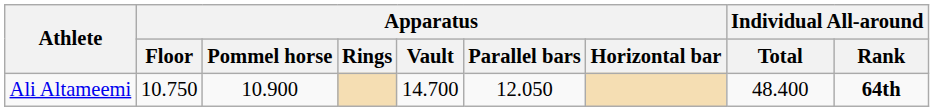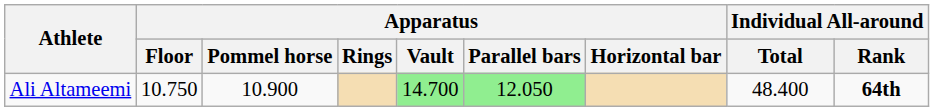 <table class=wikitable style="text-align:center; font-size:90%">
 <tr>
 <th rowspan=2>Athlete</th>
 <th colspan=6>Apparatus</th>
 <th colspan=2>Individual All-around</th>
 </tr>
 <tr>
 <th>Floor</th>
 <th>Pommel horse</th>
 <th>Rings</th>
 <th>Vault</th>
 <th>Parallel bars</th>
 <th>Horizontal bar</th>
 <th>Total</th>
 <th>Rank</th>
 </tr>
 <tr>
 <td><a href='#'>Ali Altameemi</a></td>
 <td align="center">10.750</td>
 <td align="center">10.900</td>
 <td bgcolor=wheat></td>
-<td align="center">14.700</td>
-<td align="center">12.050</td>
+<td align="center" style="background: lightgreen;">14.700</td>
+<td align="center" style="background: lightgreen;">12.050</td>
 <td bgcolor=wheat></td>
 <td align="center">48.400</td>
 <td align="center"><strong>64th</strong></td>
 </tr>
 </table>
